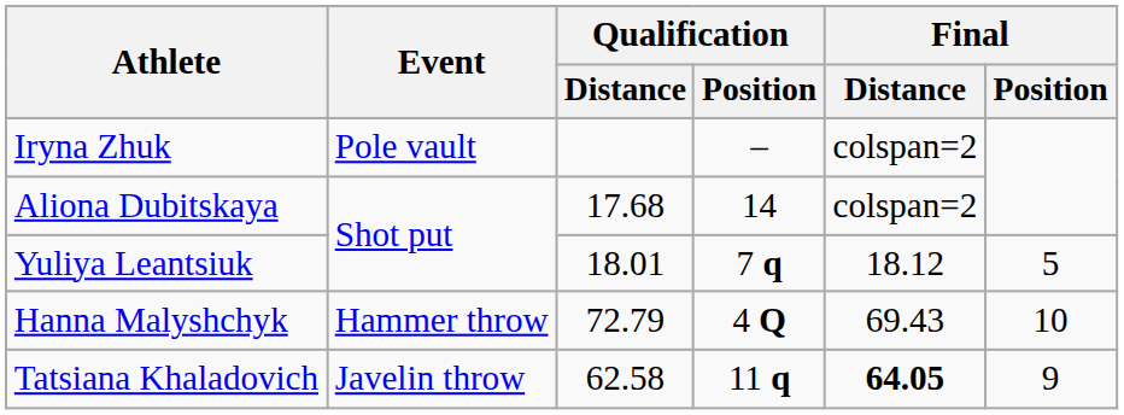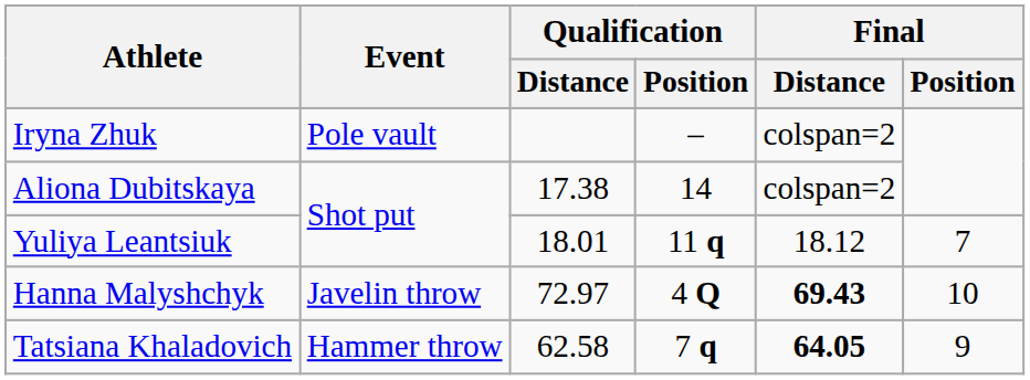 <table class=wikitable style=font-size:90%>
 <tr>
 <th rowspan=2>Athlete</th>
 <th rowspan=2>Event</th>
 <th colspan=2>Qualification</th>
 <th colspan=2>Final</th>
 </tr>
 <tr style=font-size:95%>
 <th>Distance</th>
 <th>Position</th>
 <th>Distance</th>
 <th>Position</th>
 </tr>
 <tr align=center>
 <td align=left><a href='#'>Iryna Zhuk</a></td>
 <td align=left><a href='#'>Pole vault</a></td>
 <td></td>
 <td>–</td>
 <td>colspan=2 </td>
 </tr>
 <tr align=center>
 <td align=left><a href='#'>Aliona Dubitskaya</a></td>
 <td align=left rowspan=2><a href='#'>Shot put</a></td>
-<td>17.68</td>
+<td>17.38</td>
 <td>14</td>
 <td>colspan=2 </td>
 </tr>
 <tr align=center>
 <td align=left><a href='#'>Yuliya Leantsiuk</a></td>
 <td>18.01</td>
-<td>7 <strong>q</strong></td>
+<td>11 <strong>q</strong></td>
 <td>18.12</td>
-<td>5</td>
+<td>7</td>
 </tr>
 <tr align=center>
 <td align=left><a href='#'>Hanna Malyshchyk</a></td>
-<td align=left><a href='#'>Hammer throw</a></td>
-<td>72.79</td>
+<td align=left><a href='#'>Javelin throw</a></td>
+<td>72.97</td>
 <td>4 <strong>Q</strong></td>
-<td>69.43</td>
+<td><strong>69.43</strong></td>
 <td>10</td>
 </tr>
 <tr align=center>
 <td align=left><a href='#'>Tatsiana Khaladovich</a></td>
-<td align=left><a href='#'>Javelin throw</a></td>
+<td align=left><a href='#'>Hammer throw</a></td>
 <td>62.58</td>
-<td>11 <strong>q</strong></td>
+<td>7 <strong>q</strong></td>
 <td><strong>64.05</strong></td>
 <td>9</td>
 </tr>
 </table>
